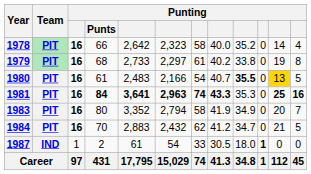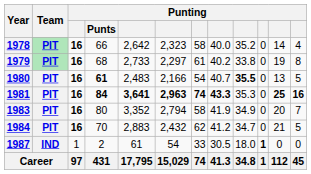 <table class=wikitable style="text-align:center;">
 <tr>
 <th rowspan="2">Year</th>
 <th rowspan="2">Team</th>
 <th colspan="10">Punting</th>
 </tr>
 <tr>
 <th></th>
 <th>Punts</th>
 <th></th>
 <th></th>
 <th></th>
 <th></th>
 <th></th>
 <th></th>
 <th></th>
 <th></th>
 </tr>
 <tr>
 <th><a href='#'>1978</a></th>
 <th style="background:#afe6ba; width:3em;"><a href='#'>PIT</a></th>
 <td><strong>16</strong></td>
 <td>66</td>
 <td>2,642</td>
 <td>2,323</td>
 <td>58</td>
 <td>40.0</td>
 <td>35.2</td>
 <td>0</td>
 <td>14</td>
 <td>4</td>
 </tr>
 <tr>
 <th><a href='#'>1979</a></th>
 <th style="background:#afe6ba; width:3em;"><a href='#'>PIT</a></th>
 <td><strong>16</strong></td>
 <td>68</td>
 <td>2,733</td>
 <td>2,297</td>
 <td>61</td>
 <td>40.2</td>
 <td>33.8</td>
 <td>0</td>
 <td>19</td>
 <td>8</td>
 </tr>
 <tr>
 <th><a href='#'>1980</a></th>
 <th><a href='#'>PIT</a></th>
 <td><strong>16</strong></td>
-<td>61</td>
+<td><strong>61</strong></td>
 <td>2,483</td>
 <td>2,166</td>
 <td>54</td>
 <td>40.7</td>
 <td><strong>35.5</strong></td>
 <td>0</td>
-<td style="background: gold;">13</td>
+<td>13</td>
 <td>5</td>
 </tr>
 <tr>
 <th><a href='#'>1981</a></th>
 <th><a href='#'>PIT</a></th>
 <td><strong>16</strong></td>
 <td><strong>84</strong></td>
 <td><strong>3,641</strong></td>
 <td><strong>2,963</strong></td>
 <td><strong>74</strong></td>
 <td><strong>43.3</strong></td>
 <td>35.3</td>
 <td>0</td>
 <td><strong>25</strong></td>
 <td><strong>16</strong></td>
 </tr>
 <tr>
 <th><a href='#'>1983</a></th>
 <th><a href='#'>PIT</a></th>
 <td><strong>16</strong></td>
 <td>80</td>
 <td>3,352</td>
 <td>2,794</td>
 <td>58</td>
 <td>41.9</td>
 <td>34.9</td>
 <td>0</td>
 <td>20</td>
 <td>7</td>
 </tr>
 <tr>
 <th><a href='#'>1984</a></th>
 <th><a href='#'>PIT</a></th>
 <td><strong>16</strong></td>
 <td>70</td>
 <td>2,883</td>
 <td>2,432</td>
 <td>62</td>
 <td>41.2</td>
 <td>34.7</td>
 <td>0</td>
 <td>21</td>
 <td>5</td>
 </tr>
 <tr>
 <th><a href='#'>1987</a></th>
 <th><a href='#'>IND</a></th>
 <td>1</td>
 <td>2</td>
 <td>61</td>
 <td>54</td>
 <td>33</td>
 <td>30.5</td>
 <td>18.0</td>
 <td><strong>1</strong></td>
 <td>0</td>
 <td>0</td>
 </tr>
 <tr>
 <th colspan="2">Career</th>
 <th>97</th>
 <th>431</th>
 <th>17,795</th>
 <th>15,029</th>
 <th>74</th>
 <th>41.3</th>
 <th>34.8</th>
 <th>1</th>
 <th>112</th>
 <th>45</th>
 </tr>
 </table>
